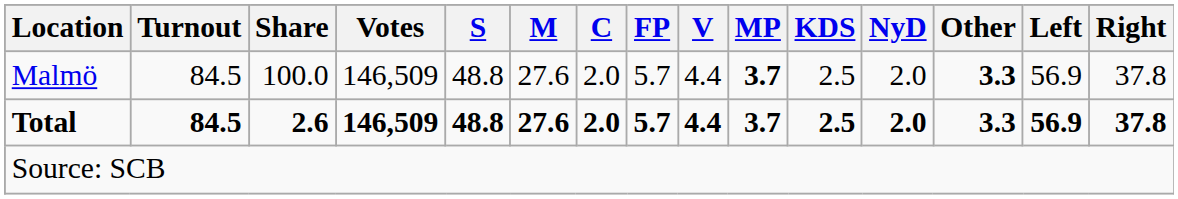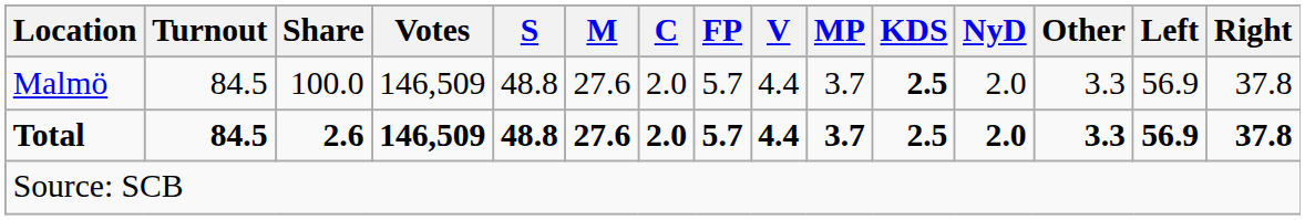 <table class="wikitable sortable" style=text-align:right>
 <tr>
 <th>Location</th>
 <th>Turnout</th>
 <th>Share</th>
 <th>Votes</th>
 <th><a href='#'>S</a></th>
 <th><a href='#'>M</a></th>
 <th><a href='#'>C</a></th>
 <th><a href='#'>FP</a></th>
 <th><a href='#'>V</a></th>
 <th><a href='#'>MP</a></th>
 <th><a href='#'>KDS</a></th>
 <th><a href='#'>NyD</a></th>
 <th>Other</th>
 <th>Left</th>
 <th>Right</th>
 </tr>
 <tr>
 <td align=left><a href='#'>Malmö</a></td>
 <td>84.5</td>
 <td>100.0</td>
 <td>146,509</td>
 <td>48.8</td>
 <td>27.6</td>
 <td>2.0</td>
 <td>5.7</td>
 <td>4.4</td>
-<td><strong>3.7</strong></td>
-<td>2.5</td>
+<td>3.7</td>
+<td><strong>2.5</strong></td>
 <td>2.0</td>
-<td><strong>3.3</strong></td>
+<td>3.3</td>
 <td>56.9</td>
 <td>37.8</td>
 </tr>
 <tr>
 <td align=left><strong>Total</strong></td>
 <td><strong>84.5</strong></td>
 <td><strong>2.6</strong></td>
 <td><strong>146,509</strong></td>
 <td><strong>48.8</strong></td>
 <td><strong>27.6</strong></td>
 <td><strong>2.0</strong></td>
 <td><strong>5.7</strong></td>
 <td><strong>4.4</strong></td>
 <td><strong>3.7</strong></td>
 <td><strong>2.5</strong></td>
 <td><strong>2.0</strong></td>
 <td><strong>3.3</strong></td>
 <td><strong>56.9</strong></td>
 <td><strong>37.8</strong></td>
 </tr>
 <tr>
 <td align=left colspan=15>Source: SCB </td>
 </tr>
 </table>
